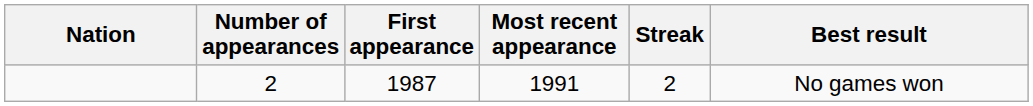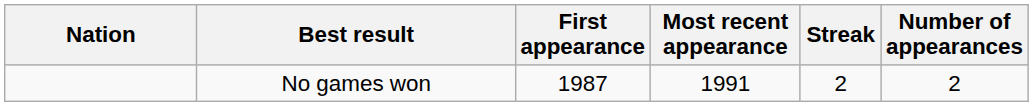 <table class="wikitable sortable" style="text-align:center">
 <tr>
 <th width="130">Nation</th>
-<th width="60">Number of appearances</th>
+<th width="220">Best result</th>
 <th width="60">First appearance</th>
 <th width="100">Most recent appearance</th>
 <th width="50">Streak</th>
-<th width="220">Best result</th>
+<th width="60">Number of appearances</th>
 </tr>
 <tr>
 <td align=left></td>
-<td>2</td>
+<td>No games won</td>
 <td>1987</td>
 <td>1991</td>
 <td>2</td>
-<td>No games won</td>
+<td>2</td>
 </tr>
 </table>
